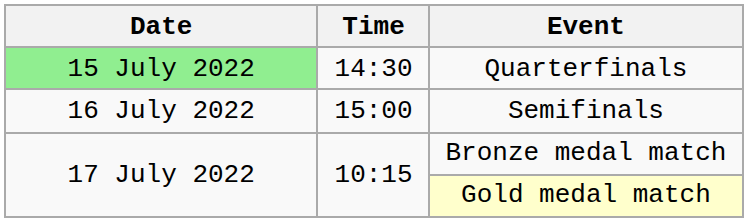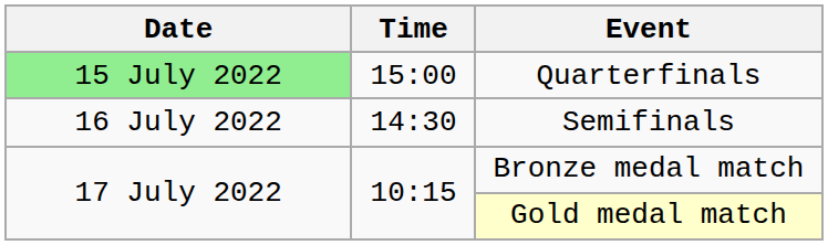 <table class = "wikitable" style="text-align:center;">
 <tr>
 <th width=150>Date</th>
 <th width=50>Time</th>
 <th width=150>Event</th>
 </tr>
 <tr>
 <td style="background: lightgreen;">15 July 2022</td>
-<td>14:30</td>
+<td>15:00</td>
 <td>Quarterfinals</td>
 </tr>
 <tr>
 <td>16 July 2022</td>
-<td>15:00</td>
+<td>14:30</td>
 <td>Semifinals</td>
 </tr>
 <tr>
 <td rowspan=2>17 July 2022</td>
 <td rowspan=2>10:15</td>
 <td>Bronze  medal match</td>
 </tr>
 <tr>
 <td bgcolor=ffffcc>Gold medal match</td>
 </tr>
 </table>
